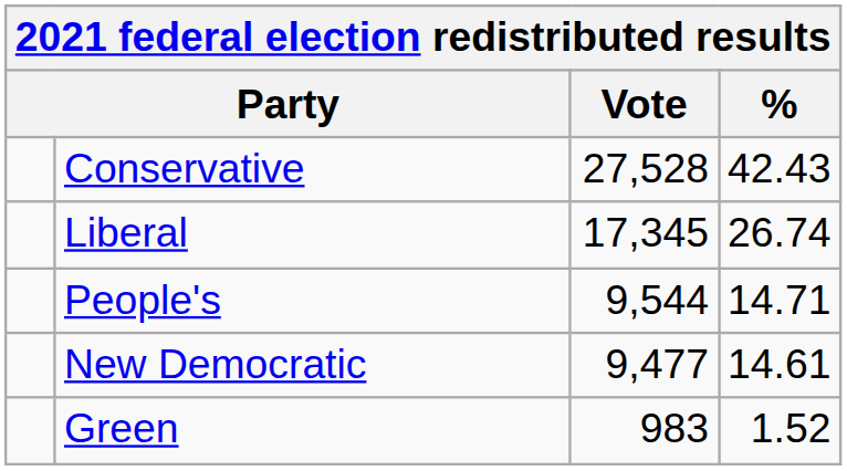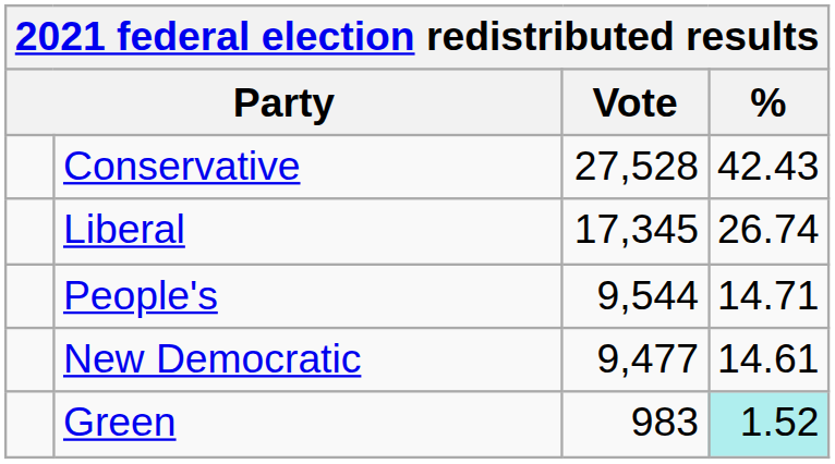 <table class="wikitable">
 <tr>
 <th colspan="4"><a href='#'>2021 federal election</a> redistributed results</th>
 </tr>
 <tr>
 <th bgcolor="#DDDDFF" width="130px" colspan="2">Party</th>
 <th bgcolor="#DDDDFF" width="50px">Vote</th>
 <th bgcolor="#DDDDFF" width="30px">%</th>
 </tr>
 <tr>
 <td> </td>
 <td><a href='#'>Conservative</a></td>
 <td align=right>27,528</td>
 <td align=right>42.43</td>
 </tr>
 <tr>
 <td> </td>
 <td><a href='#'>Liberal</a></td>
 <td align=right>17,345</td>
 <td align=right>26.74</td>
 </tr>
 <tr>
 <td> </td>
 <td><a href='#'>People's</a></td>
 <td align=right>9,544</td>
 <td align=right>14.71</td>
 </tr>
 <tr>
 <td> </td>
 <td><a href='#'>New Democratic</a></td>
 <td align=right>9,477</td>
 <td align=right>14.61</td>
 </tr>
 <tr>
 <td> </td>
 <td><a href='#'>Green</a></td>
 <td align=right>983</td>
-<td align=right>1.52</td>
+<td align=right style="background: paleturquoise;">1.52</td>
 </tr>
 </table>
